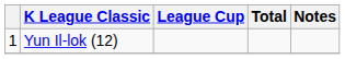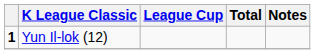 <table class="wikitable" style="text-align:center">
 <tr>
 <th></th>
 <th><a href='#'>K League Classic</a></th>
 <th><a href='#'>League Cup</a></th>
 <th>Total</th>
 <th>Notes</th>
 </tr>
 <tr>
-<td>1</td>
+<td><strong>1</strong></td>
 <td align=left> <a href='#'>Yun Il-lok</a> (12)</td>
 <td align=left></td>
 <td></td>
 <td></td>
 </tr>
 <tr>
 </tr>
 </table>
